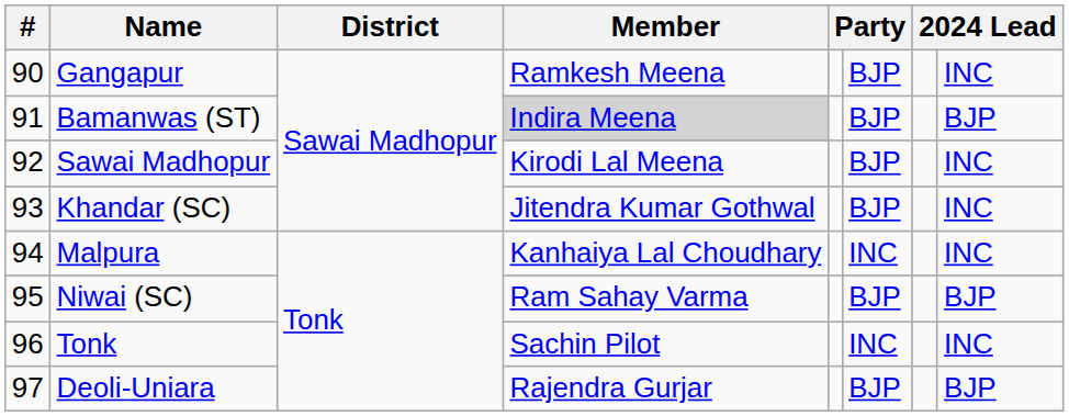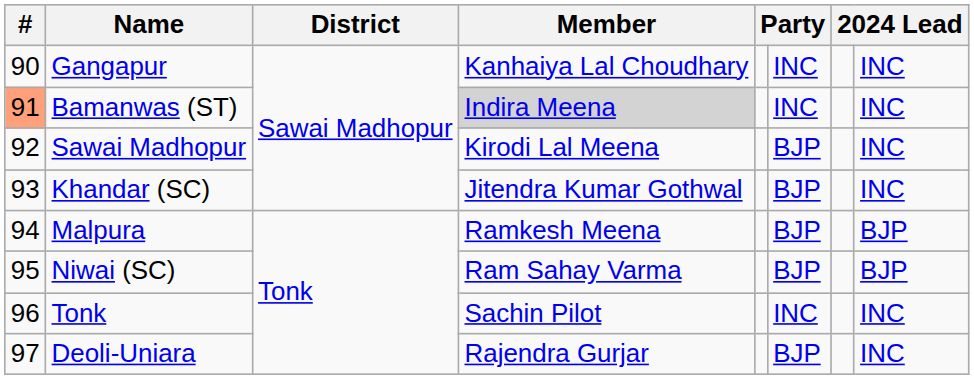 <table class="wikitable">
 <tr>
 <th>#</th>
 <th>Name</th>
 <th>District</th>
 <th>Member</th>
 <th colspan="2">Party</th>
 <th colspan="2">2024 Lead</th>
 </tr>
 <tr>
 <td>90</td>
 <td><a href='#'>Gangapur</a></td>
 <td rowspan="4"><a href='#'>Sawai Madhopur</a></td>
-<td><a href='#'>Ramkesh Meena</a></td>
+<td><a href='#'>Kanhaiya Lal Choudhary</a></td>
 <td style="background-color: "></td>
-<td><a href='#'>BJP</a></td>
+<td><a href='#'>INC</a></td>
 <td style="background-color:"></td>
 <td><a href='#'>INC</a></td>
 </tr>
 <tr>
-<td>91</td>
+<td style="background: lightsalmon;">91</td>
 <td><a href='#'>Bamanwas</a> (ST)</td>
 <td style="background: lightgrey;"><a href='#'>Indira Meena</a></td>
 <td style="background-color: "></td>
-<td><a href='#'>BJP</a></td>
+<td><a href='#'>INC</a></td>
 <td style="background-color:"></td>
-<td><a href='#'>BJP</a></td>
+<td><a href='#'>INC</a></td>
 </tr>
 <tr>
 <td>92</td>
 <td><a href='#'>Sawai Madhopur</a></td>
 <td><a href='#'>Kirodi Lal Meena</a></td>
 <td style="background-color: "></td>
 <td><a href='#'>BJP</a></td>
 <td style="background-color:"></td>
 <td><a href='#'>INC</a></td>
 </tr>
 <tr>
 <td>93</td>
 <td><a href='#'>Khandar</a> (SC)</td>
 <td><a href='#'>Jitendra Kumar Gothwal</a></td>
 <td style="background-color: "></td>
 <td><a href='#'>BJP</a></td>
 <td style="background-color:"></td>
 <td><a href='#'>INC</a></td>
 </tr>
 <tr>
 <td>94</td>
 <td><a href='#'>Malpura</a></td>
 <td rowspan="4"><a href='#'>Tonk</a></td>
-<td><a href='#'>Kanhaiya Lal Choudhary</a></td>
+<td><a href='#'>Ramkesh Meena</a></td>
 <td style="background-color: "></td>
-<td><a href='#'>INC</a></td>
+<td><a href='#'>BJP</a></td>
 <td style="background-color: "></td>
-<td><a href='#'>INC</a></td>
+<td><a href='#'>BJP</a></td>
 </tr>
 <tr>
 <td>95</td>
 <td><a href='#'>Niwai</a> (SC)</td>
 <td><a href='#'>Ram Sahay Varma</a></td>
 <td style="background-color: "></td>
 <td><a href='#'>BJP</a></td>
 <td style="background-color: "></td>
 <td><a href='#'>BJP</a></td>
 </tr>
 <tr>
 <td>96</td>
 <td><a href='#'>Tonk</a></td>
 <td><a href='#'>Sachin Pilot</a></td>
 <td style="background-color: "></td>
 <td><a href='#'>INC</a></td>
 <td style="background-color:"></td>
 <td><a href='#'>INC</a></td>
 </tr>
 <tr>
 <td>97</td>
 <td><a href='#'>Deoli-Uniara</a></td>
 <td><a href='#'>Rajendra Gurjar</a></td>
 <td style="background-color: "></td>
 <td><a href='#'>BJP</a></td>
 <td style="background-color:"></td>
-<td><a href='#'>BJP</a></td>
+<td><a href='#'>INC</a></td>
 </tr>
 </table>
